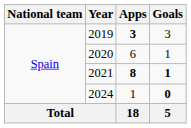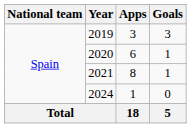 <table class=wikitable style=text-align:center>
 <tr>
 <th>National team</th>
 <th>Year</th>
 <th>Apps</th>
 <th>Goals</th>
 </tr>
 <tr>
 <td rowspan=4><a href='#'>Spain</a></td>
 <td>2019</td>
-<td><strong>3</strong></td>
+<td>3</td>
 <td>3</td>
 </tr>
 <tr>
 <td>2020</td>
 <td>6</td>
 <td>1</td>
 </tr>
 <tr>
 <td>2021</td>
-<td><strong>8</strong></td>
-<td><strong>1</strong></td>
+<td>8</td>
+<td>1</td>
 </tr>
 <tr>
 <td>2024</td>
 <td>1</td>
-<td><strong>0</strong></td>
+<td>0</td>
 </tr>
 <tr>
 <th colspan=2>Total</th>
 <th>18</th>
 <th>5</th>
 </tr>
 </table>
